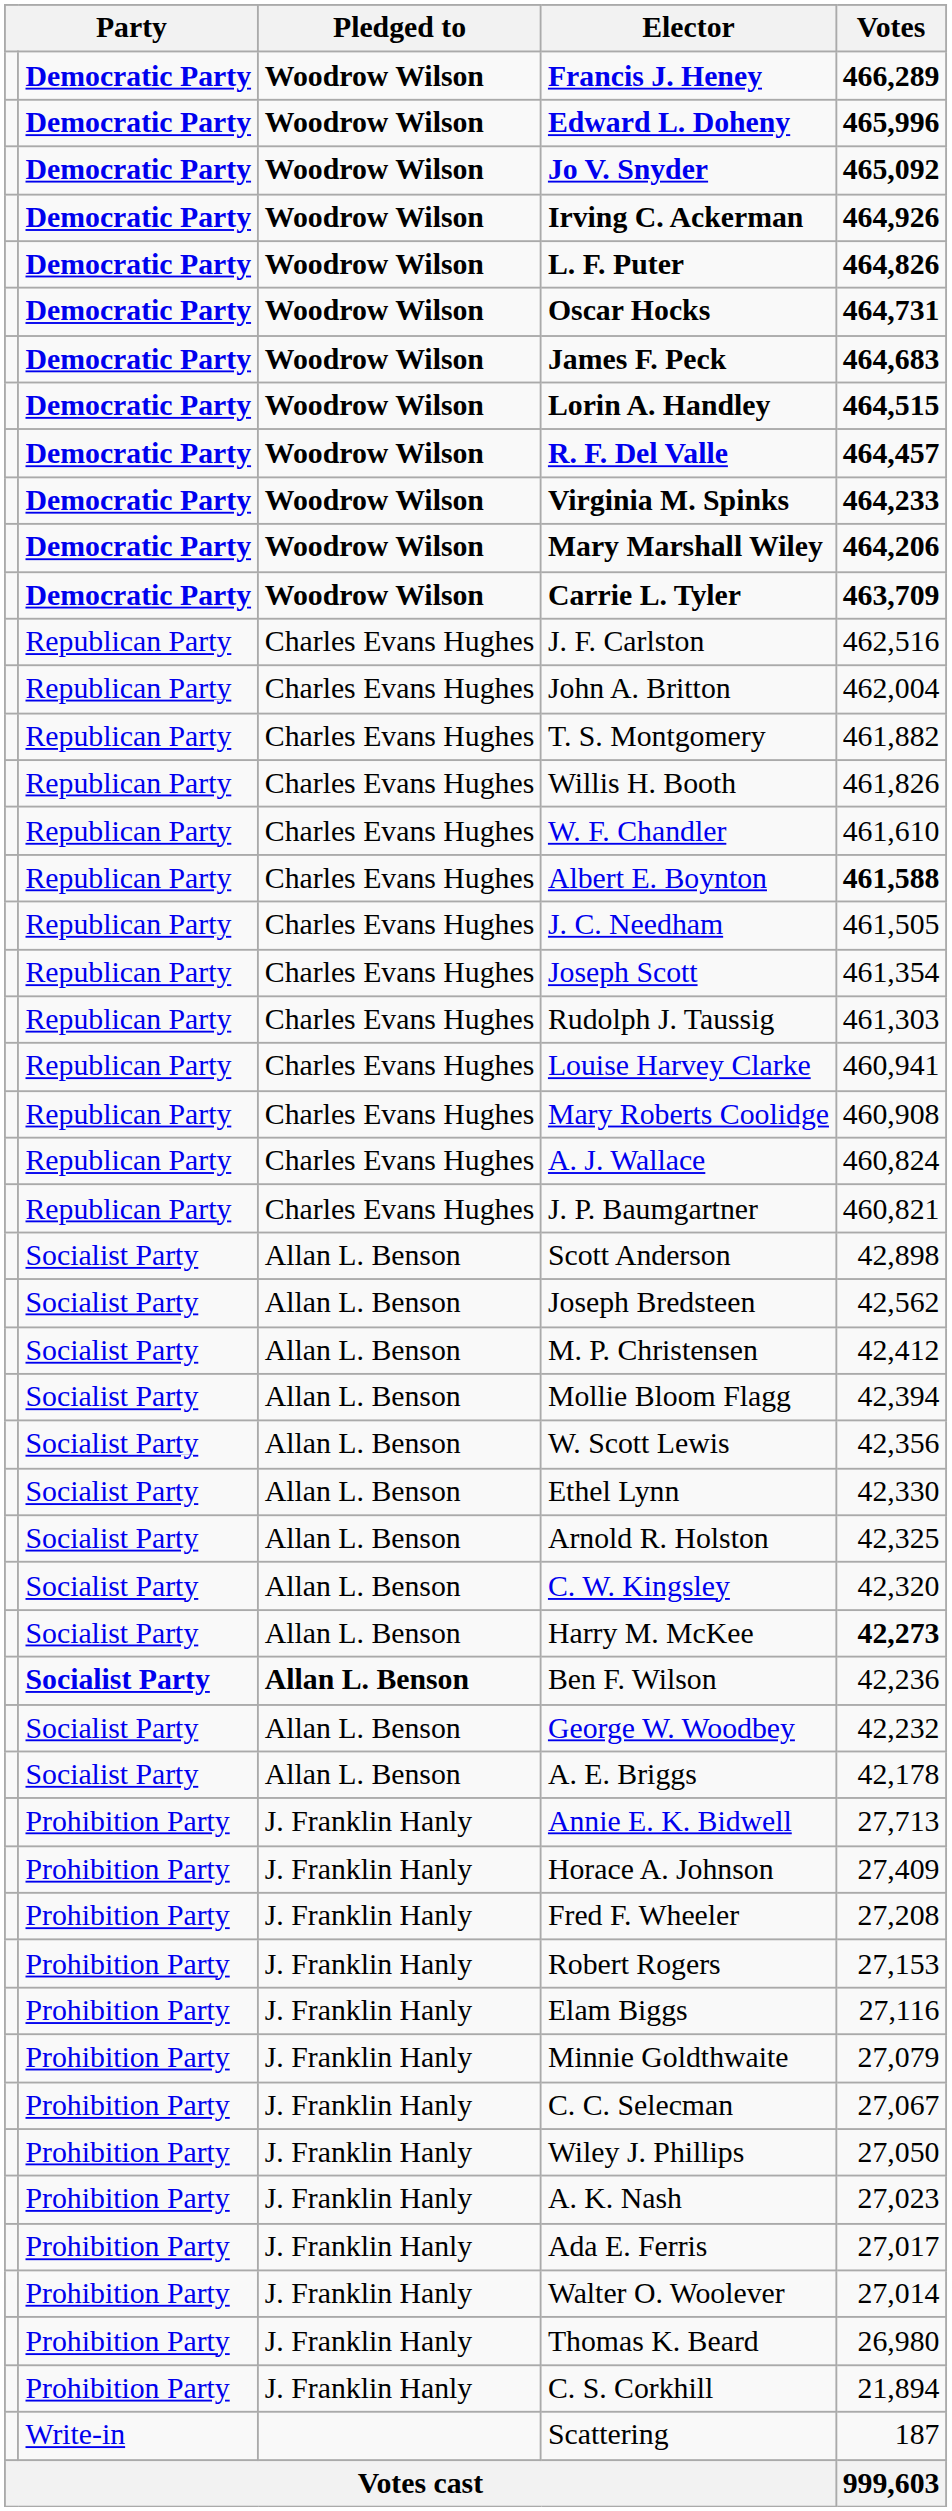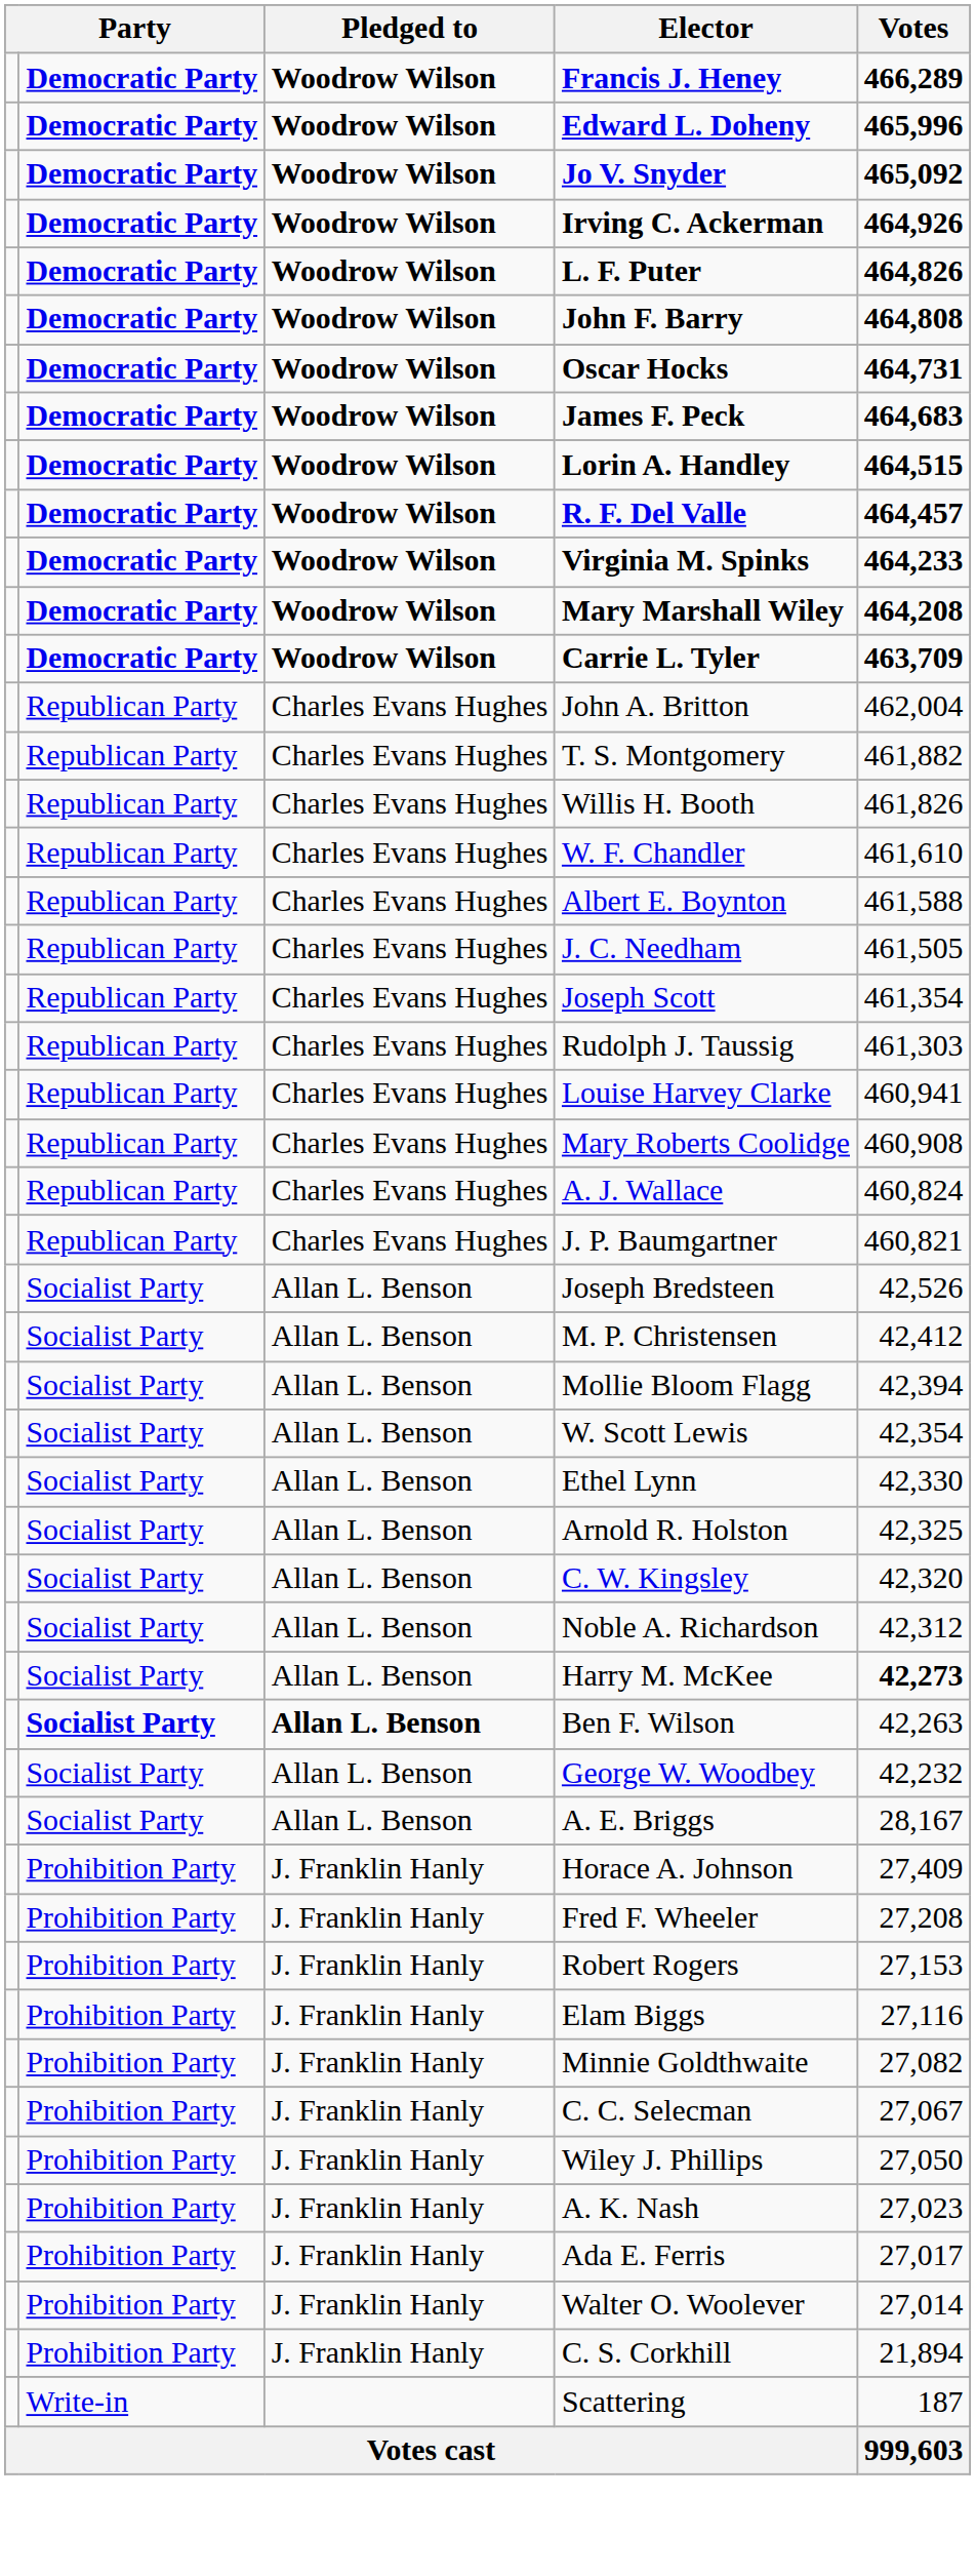 <table class="wikitable">
 <tr>
 <th colspan=2>Party</th>
 <th>Pledged to</th>
 <th>Elector</th>
 <th>Votes</th>
 </tr>
 <tr style="font-weight:bold">
 <td bgcolor=></td>
 <td><a href='#'>Democratic Party</a></td>
 <td>Woodrow Wilson</td>
 <td><a href='#'>Francis J. Heney</a></td>
 <td align="right">466,289</td>
 </tr>
 <tr style="font-weight:bold">
 <td bgcolor=></td>
 <td><a href='#'>Democratic Party</a></td>
 <td>Woodrow Wilson</td>
 <td><a href='#'>Edward L. Doheny</a></td>
 <td align="right">465,996</td>
 </tr>
 <tr style="font-weight:bold">
 <td bgcolor=></td>
 <td><a href='#'>Democratic Party</a></td>
 <td>Woodrow Wilson</td>
 <td><a href='#'>Jo V. Snyder</a></td>
 <td align="right">465,092</td>
 </tr>
 <tr style="font-weight:bold">
 <td bgcolor=></td>
 <td><a href='#'>Democratic Party</a></td>
 <td>Woodrow Wilson</td>
 <td>Irving C. Ackerman</td>
 <td align="right">464,926</td>
 </tr>
 <tr style="font-weight:bold">
 <td bgcolor=></td>
 <td><a href='#'>Democratic Party</a></td>
 <td>Woodrow Wilson</td>
 <td>L. F. Puter</td>
 <td align="right">464,826</td>
 </tr>
 <tr style="font-weight:bold">
 <td bgcolor=></td>
 <td><a href='#'>Democratic Party</a></td>
 <td>Woodrow Wilson</td>
+<td>John F. Barry</td>
+<td align="right">464,808</td>
+</tr>
+<tr style="font-weight:bold">
+<td bgcolor=></td>
+<td><a href='#'>Democratic Party</a></td>
+<td>Woodrow Wilson</td>
 <td>Oscar Hocks</td>
 <td align="right">464,731</td>
 </tr>
 <tr style="font-weight:bold">
 <td bgcolor=></td>
 <td><a href='#'>Democratic Party</a></td>
 <td>Woodrow Wilson</td>
 <td>James F. Peck</td>
 <td align="right">464,683</td>
 </tr>
 <tr style="font-weight:bold">
 <td bgcolor=></td>
 <td><a href='#'>Democratic Party</a></td>
 <td>Woodrow Wilson</td>
 <td>Lorin A. Handley</td>
 <td align="right">464,515</td>
 </tr>
 <tr style="font-weight:bold">
 <td bgcolor=></td>
 <td><a href='#'>Democratic Party</a></td>
 <td>Woodrow Wilson</td>
 <td><a href='#'>R. F. Del Valle</a></td>
 <td align="right">464,457</td>
 </tr>
 <tr style="font-weight:bold">
 <td bgcolor=></td>
 <td><a href='#'>Democratic Party</a></td>
 <td>Woodrow Wilson</td>
 <td>Virginia M. Spinks</td>
 <td align="right">464,233</td>
 </tr>
 <tr style="font-weight:bold">
 <td bgcolor=></td>
 <td><a href='#'>Democratic Party</a></td>
 <td>Woodrow Wilson</td>
 <td>Mary Marshall Wiley</td>
-<td align="right">464,206</td>
+<td align="right">464,208</td>
 </tr>
 <tr style="font-weight:bold">
 <td bgcolor=></td>
 <td><a href='#'>Democratic Party</a></td>
 <td>Woodrow Wilson</td>
 <td>Carrie L. Tyler</td>
 <td align="right">463,709</td>
-</tr>
-<tr>
-<td></td>
-<td><a href='#'>Republican Party</a></td>
-<td>Charles Evans Hughes</td>
-<td>J. F. Carlston</td>
-<td align=right>462,516</td>
 </tr>
 <tr>
 <td></td>
 <td><a href='#'>Republican Party</a></td>
 <td>Charles Evans Hughes</td>
 <td>John A. Britton</td>
 <td align=right>462,004</td>
 </tr>
 <tr>
 <td></td>
 <td><a href='#'>Republican Party</a></td>
 <td>Charles Evans Hughes</td>
 <td>T. S. Montgomery</td>
 <td align=right>461,882</td>
 </tr>
 <tr>
 <td></td>
 <td><a href='#'>Republican Party</a></td>
 <td>Charles Evans Hughes</td>
 <td>Willis H. Booth</td>
 <td align=right>461,826</td>
 </tr>
 <tr>
 <td></td>
 <td><a href='#'>Republican Party</a></td>
 <td>Charles Evans Hughes</td>
 <td><a href='#'>W. F. Chandler</a></td>
 <td align=right>461,610</td>
 </tr>
 <tr>
 <td></td>
 <td><a href='#'>Republican Party</a></td>
 <td>Charles Evans Hughes</td>
 <td><a href='#'>Albert E. Boynton</a></td>
-<td align=right><strong>461,588</strong></td>
+<td align=right>461,588</td>
 </tr>
 <tr>
 <td></td>
 <td><a href='#'>Republican Party</a></td>
 <td>Charles Evans Hughes</td>
 <td><a href='#'>J. C. Needham</a></td>
 <td align=right>461,505</td>
 </tr>
 <tr>
 <td></td>
 <td><a href='#'>Republican Party</a></td>
 <td>Charles Evans Hughes</td>
 <td><a href='#'>Joseph Scott</a></td>
 <td align=right>461,354</td>
 </tr>
 <tr>
 <td></td>
 <td><a href='#'>Republican Party</a></td>
 <td>Charles Evans Hughes</td>
 <td>Rudolph J. Taussig</td>
 <td align=right>461,303</td>
 </tr>
 <tr>
 <td></td>
 <td><a href='#'>Republican Party</a></td>
 <td>Charles Evans Hughes</td>
 <td><a href='#'>Louise Harvey Clarke</a></td>
 <td align=right>460,941</td>
 </tr>
 <tr>
 <td></td>
 <td><a href='#'>Republican Party</a></td>
 <td>Charles Evans Hughes</td>
 <td><a href='#'>Mary Roberts Coolidge</a></td>
 <td align=right>460,908</td>
 </tr>
 <tr>
 <td></td>
 <td><a href='#'>Republican Party</a></td>
 <td>Charles Evans Hughes</td>
 <td><a href='#'>A. J. Wallace</a></td>
 <td align=right>460,824</td>
 </tr>
 <tr>
 <td></td>
 <td><a href='#'>Republican Party</a></td>
 <td>Charles Evans Hughes</td>
 <td>J. P. Baumgartner</td>
 <td align=right>460,821</td>
 </tr>
 <tr>
 <td bgcolor=></td>
 <td><a href='#'>Socialist Party</a></td>
 <td>Allan L. Benson</td>
-<td>Scott Anderson</td>
-<td align="right">42,898</td>
-</tr>
-<tr>
-<td bgcolor=></td>
-<td><a href='#'>Socialist Party</a></td>
-<td>Allan L. Benson</td>
 <td>Joseph Bredsteen</td>
-<td align="right">42,562</td>
+<td align="right">42,526</td>
 </tr>
 <tr>
 <td bgcolor=></td>
 <td><a href='#'>Socialist Party</a></td>
 <td>Allan L. Benson</td>
 <td>M. P. Christensen</td>
 <td align="right">42,412</td>
 </tr>
 <tr>
 <td bgcolor=></td>
 <td><a href='#'>Socialist Party</a></td>
 <td>Allan L. Benson</td>
 <td>Mollie Bloom Flagg</td>
 <td align="right">42,394</td>
 </tr>
 <tr>
 <td bgcolor=></td>
 <td><a href='#'>Socialist Party</a></td>
 <td>Allan L. Benson</td>
 <td>W. Scott Lewis</td>
-<td align="right">42,356</td>
+<td align="right">42,354</td>
 </tr>
 <tr>
 <td bgcolor=></td>
 <td><a href='#'>Socialist Party</a></td>
 <td>Allan L. Benson</td>
 <td>Ethel Lynn</td>
 <td align="right">42,330</td>
 </tr>
 <tr>
 <td bgcolor=></td>
 <td><a href='#'>Socialist Party</a></td>
 <td>Allan L. Benson</td>
 <td>Arnold R. Holston</td>
 <td align="right">42,325</td>
 </tr>
 <tr>
 <td bgcolor=></td>
 <td><a href='#'>Socialist Party</a></td>
 <td>Allan L. Benson</td>
 <td><a href='#'>C. W. Kingsley</a></td>
 <td align="right">42,320</td>
 </tr>
 <tr>
 <td bgcolor=></td>
 <td><a href='#'>Socialist Party</a></td>
 <td>Allan L. Benson</td>
+<td>Noble A. Richardson</td>
+<td align="right">42,312</td>
+</tr>
+<tr>
+<td bgcolor=></td>
+<td><a href='#'>Socialist Party</a></td>
+<td>Allan L. Benson</td>
 <td>Harry M. McKee</td>
 <td align="right"><strong>42,273</strong></td>
 </tr>
 <tr>
 <td bgcolor=></td>
 <td><strong><a href='#'>Socialist Party</a></strong></td>
 <td><strong>Allan L. Benson</strong></td>
 <td>Ben F. Wilson</td>
-<td align="right">42,236</td>
+<td align="right">42,263</td>
 </tr>
 <tr>
 <td bgcolor=></td>
 <td><a href='#'>Socialist Party</a></td>
 <td>Allan L. Benson</td>
 <td><a href='#'>George W. Woodbey</a></td>
 <td align="right">42,232</td>
 </tr>
 <tr>
 <td bgcolor=></td>
 <td><a href='#'>Socialist Party</a></td>
 <td>Allan L. Benson</td>
 <td>A. E. Briggs</td>
-<td align="right">42,178</td>
-</tr>
-<tr>
-<td></td>
-<td><a href='#'>Prohibition Party</a></td>
-<td>J. Franklin Hanly</td>
-<td><a href='#'>Annie E. K. Bidwell</a></td>
-<td align="right">27,713</td>
+<td align="right">28,167</td>
 </tr>
 <tr>
 <td></td>
 <td><a href='#'>Prohibition Party</a></td>
 <td>J. Franklin Hanly</td>
 <td>Horace A. Johnson</td>
 <td align="right">27,409</td>
 </tr>
 <tr>
 <td></td>
 <td><a href='#'>Prohibition Party</a></td>
 <td>J. Franklin Hanly</td>
 <td>Fred F. Wheeler</td>
 <td align="right">27,208</td>
 </tr>
 <tr>
 <td></td>
 <td><a href='#'>Prohibition Party</a></td>
 <td>J. Franklin Hanly</td>
 <td>Robert Rogers</td>
 <td align="right">27,153</td>
 </tr>
 <tr>
 <td></td>
 <td><a href='#'>Prohibition Party</a></td>
 <td>J. Franklin Hanly</td>
 <td>Elam Biggs</td>
 <td align="right">27,116</td>
 </tr>
 <tr>
 <td></td>
 <td><a href='#'>Prohibition Party</a></td>
 <td>J. Franklin Hanly</td>
 <td>Minnie Goldthwaite</td>
-<td align="right">27,079</td>
+<td align="right">27,082</td>
 </tr>
 <tr>
 <td></td>
 <td><a href='#'>Prohibition Party</a></td>
 <td>J. Franklin Hanly</td>
 <td>C. C. Selecman</td>
 <td align="right">27,067</td>
 </tr>
 <tr>
 <td></td>
 <td><a href='#'>Prohibition Party</a></td>
 <td>J. Franklin Hanly</td>
 <td>Wiley J. Phillips</td>
 <td align="right">27,050</td>
 </tr>
 <tr>
 <td></td>
 <td><a href='#'>Prohibition Party</a></td>
 <td>J. Franklin Hanly</td>
 <td>A. K. Nash</td>
 <td align="right">27,023</td>
 </tr>
 <tr>
 <td></td>
 <td><a href='#'>Prohibition Party</a></td>
 <td>J. Franklin Hanly</td>
 <td>Ada E. Ferris</td>
 <td align="right">27,017</td>
 </tr>
 <tr>
 <td></td>
 <td><a href='#'>Prohibition Party</a></td>
 <td>J. Franklin Hanly</td>
 <td>Walter O. Woolever</td>
 <td align="right">27,014</td>
 </tr>
 <tr>
 <td></td>
 <td><a href='#'>Prohibition Party</a></td>
 <td>J. Franklin Hanly</td>
-<td>Thomas K. Beard</td>
-<td align="right">26,980</td>
-</tr>
-<tr>
-<td></td>
-<td><a href='#'>Prohibition Party</a></td>
-<td>J. Franklin Hanly</td>
 <td>C. S. Corkhill</td>
 <td align="right">21,894</td>
 </tr>
 <tr>
 <td></td>
 <td><a href='#'>Write-in</a></td>
 <td></td>
 <td>Scattering</td>
 <td align="right">187</td>
 </tr>
 <tr>
 <th colspan="4">Votes cast</th>
 <th>999,603</th>
 </tr>
 </table>
